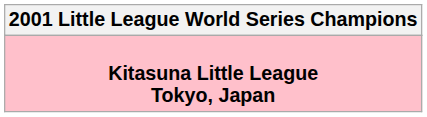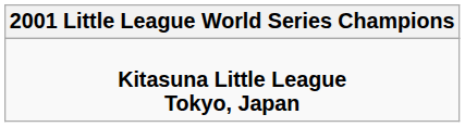 <table class="wikitable" style="text-align: center; margin: 0 auto;">
 <tr>
 <th>2001 Little League World Series Champions</th>
 </tr>
 <tr>
 </tr>
 <tr>
-<td style="background: pink;"><br><strong>Kitasuna Little League</strong><br><strong>Tokyo, Japan</strong></td>
+<td><br><strong>Kitasuna Little League</strong><br><strong>Tokyo, Japan</strong></td>
 </tr>
 </table>
